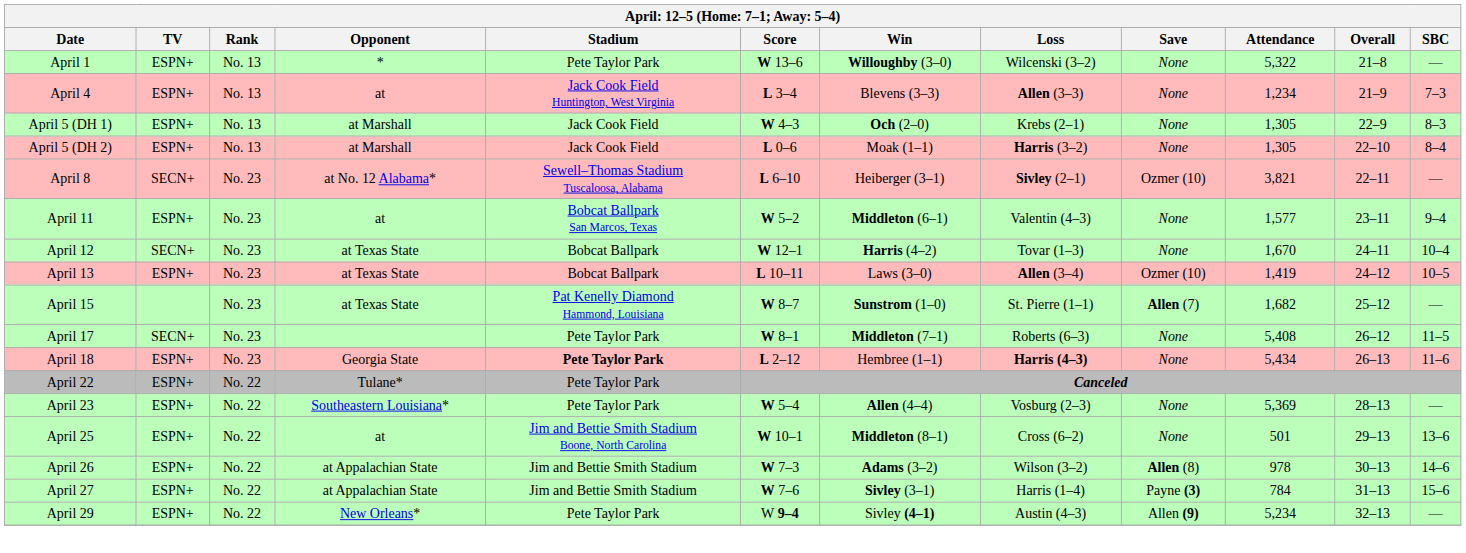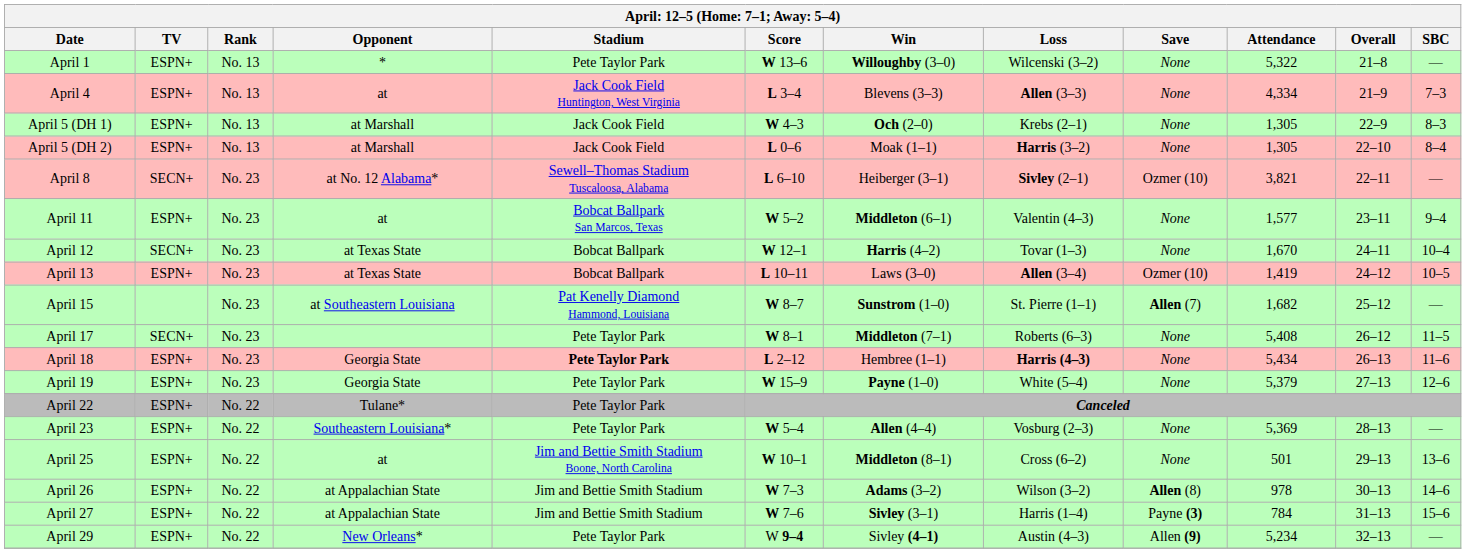 <table class="wikitable collapsible collapsed" style="margin:auto; width:100%; text-align:center; font-size:95%">
 <tr>
 <th colspan=12>April: 12–5 (Home: 7–1; Away: 5–4)</th>
 </tr>
 <tr>
 <th>Date</th>
 <th>TV</th>
 <th>Rank</th>
 <th>Opponent</th>
 <th>Stadium</th>
 <th>Score</th>
 <th>Win</th>
 <th>Loss</th>
 <th>Save</th>
 <th>Attendance</th>
 <th>Overall</th>
 <th>SBC</th>
 </tr>
 <tr style="background:#bfb">
 <td>April 1</td>
 <td>ESPN+</td>
 <td>No. 13</td>
 <td>*</td>
 <td>Pete Taylor Park</td>
 <td><strong>W</strong> 13–6</td>
 <td><strong>Willoughby</strong> (3–0)</td>
 <td>Wilcenski (3–2)</td>
 <td><em>None</em></td>
 <td>5,322</td>
 <td>21–8</td>
 <td>—</td>
 </tr>
 <tr style="background:#fbb">
 <td>April 4</td>
 <td>ESPN+</td>
 <td>No. 13</td>
 <td>at </td>
 <td><a href='#'>Jack Cook Field</a><br><small><a href='#'>Huntington, West Virginia</a></small></td>
 <td><strong>L</strong> 3–4</td>
 <td>Blevens (3–3)</td>
 <td><strong>Allen</strong> (3–3)</td>
 <td><em>None</em></td>
-<td>1,234</td>
+<td>4,334</td>
 <td>21–9</td>
 <td>7–3</td>
 </tr>
 <tr style="background:#bfb">
 <td>April 5 (DH 1)</td>
 <td>ESPN+</td>
 <td>No. 13</td>
 <td>at Marshall</td>
 <td>Jack Cook Field</td>
 <td><strong>W</strong> 4–3</td>
 <td><strong>Och</strong> (2–0)</td>
 <td>Krebs (2–1)</td>
 <td><em>None</em></td>
 <td>1,305</td>
 <td>22–9</td>
 <td>8–3</td>
 </tr>
 <tr style="background:#fbb">
 <td>April 5 (DH 2)</td>
 <td>ESPN+</td>
 <td>No. 13</td>
 <td>at Marshall</td>
 <td>Jack Cook Field</td>
 <td><strong>L</strong> 0–6</td>
 <td>Moak (1–1)</td>
 <td><strong>Harris</strong> (3–2)</td>
 <td><em>None</em></td>
 <td>1,305</td>
 <td>22–10</td>
 <td>8–4</td>
 </tr>
 <tr style="background:#fbb">
 <td>April 8</td>
 <td>SECN+</td>
 <td>No. 23</td>
 <td>at No. 12 <a href='#'>Alabama</a>*</td>
 <td><a href='#'>Sewell–Thomas Stadium</a><br><small><a href='#'>Tuscaloosa, Alabama</a></small></td>
 <td><strong>L</strong> 6–10</td>
 <td>Heiberger (3–1)</td>
 <td><strong>Sivley</strong> (2–1)</td>
 <td>Ozmer (10)</td>
 <td>3,821</td>
 <td>22–11</td>
 <td>—</td>
 </tr>
 <tr style="background:#bfb">
 <td>April 11</td>
 <td>ESPN+</td>
 <td>No. 23</td>
 <td>at </td>
 <td><a href='#'>Bobcat Ballpark</a><br><small><a href='#'>San Marcos, Texas</a></small></td>
 <td><strong>W</strong> 5–2</td>
 <td><strong>Middleton</strong> (6–1)</td>
 <td>Valentin (4–3)</td>
 <td><em>None</em></td>
 <td>1,577</td>
 <td>23–11</td>
 <td>9–4</td>
 </tr>
 <tr style="background:#bfb">
 <td>April 12</td>
 <td>SECN+</td>
 <td>No. 23</td>
 <td>at Texas State</td>
 <td>Bobcat Ballpark</td>
 <td><strong>W</strong> 12–1</td>
 <td><strong>Harris</strong> (4–2)</td>
 <td>Tovar (1–3)</td>
 <td><em>None</em></td>
 <td>1,670</td>
 <td>24–11</td>
 <td>10–4</td>
 </tr>
 <tr style="background:#fbb">
 <td>April 13</td>
 <td>ESPN+</td>
 <td>No. 23</td>
 <td>at Texas State</td>
 <td>Bobcat Ballpark</td>
 <td><strong>L</strong> 10–11</td>
 <td>Laws (3–0)</td>
 <td><strong>Allen</strong> (3–4)</td>
 <td>Ozmer (10)</td>
 <td>1,419</td>
 <td>24–12</td>
 <td>10–5</td>
 </tr>
 <tr style="background:#bfb">
 <td>April 15</td>
 <td></td>
 <td>No. 23</td>
-<td>at Texas State</td>
+<td>at <a href='#'>Southeastern Louisiana</a></td>
 <td><a href='#'>Pat Kenelly Diamond</a><br><small><a href='#'>Hammond, Louisiana</a></small></td>
 <td><strong>W</strong> 8–7</td>
 <td><strong>Sunstrom</strong> (1–0)</td>
 <td>St. Pierre (1–1)</td>
 <td><strong>Allen</strong> (7)</td>
 <td>1,682</td>
 <td>25–12</td>
 <td>—</td>
 </tr>
 <tr style="background:#bfb">
 <td>April 17</td>
 <td>SECN+</td>
 <td>No. 23</td>
 <td></td>
 <td>Pete Taylor Park</td>
 <td><strong>W</strong> 8–1</td>
 <td><strong>Middleton</strong> (7–1)</td>
 <td>Roberts (6–3)</td>
 <td><em>None</em></td>
 <td>5,408</td>
 <td>26–12</td>
 <td>11–5</td>
 </tr>
 <tr style="background:#fbb">
 <td>April 18</td>
 <td>ESPN+</td>
 <td>No. 23</td>
 <td>Georgia State</td>
 <td><strong>Pete Taylor Park</strong></td>
 <td><strong>L</strong> 2–12</td>
 <td>Hembree (1–1)</td>
 <td><strong>Harris (4–3)</strong></td>
 <td><em>None</em></td>
 <td>5,434</td>
 <td>26–13</td>
 <td>11–6</td>
+</tr>
+<tr style="background:#bfb">
+<td>April 19</td>
+<td>ESPN+</td>
+<td>No. 23</td>
+<td>Georgia State</td>
+<td>Pete Taylor Park</td>
+<td><strong>W</strong> 15–9</td>
+<td><strong>Payne</strong> (1–0)</td>
+<td>White (5–4)</td>
+<td><em>None</em></td>
+<td>5,379</td>
+<td>27–13</td>
+<td>12–6</td>
 </tr>
 <tr style="background:#bbb">
 <td>April 22</td>
 <td>ESPN+</td>
 <td>No. 22</td>
 <td>Tulane*</td>
 <td>Pete Taylor Park</td>
 <td colspan=7 style="text-align:center"><strong><em>Canceled</em></strong></td>
 </tr>
 <tr style="background:#bfb">
 <td>April 23</td>
 <td>ESPN+</td>
 <td>No. 22</td>
 <td><a href='#'>Southeastern Louisiana</a>*</td>
 <td>Pete Taylor Park</td>
 <td><strong>W</strong> 5–4</td>
 <td><strong>Allen</strong> (4–4)</td>
 <td>Vosburg (2–3)</td>
 <td><em>None</em></td>
 <td>5,369</td>
 <td>28–13</td>
 <td>—</td>
 </tr>
 <tr style="background:#bfb">
 <td>April 25</td>
 <td>ESPN+</td>
 <td>No. 22</td>
 <td>at </td>
 <td><a href='#'>Jim and Bettie Smith Stadium</a><br><small><a href='#'>Boone, North Carolina</a></small></td>
 <td><strong>W</strong> 10–1</td>
 <td><strong>Middleton</strong> (8–1)</td>
 <td>Cross (6–2)</td>
 <td><em>None</em></td>
 <td>501</td>
 <td>29–13</td>
 <td>13–6</td>
 </tr>
 <tr style="background:#bfb">
 <td>April 26</td>
 <td>ESPN+</td>
 <td>No. 22</td>
 <td>at Appalachian State</td>
 <td>Jim and Bettie Smith Stadium</td>
 <td><strong>W</strong> 7–3</td>
 <td><strong>Adams</strong> (3–2)</td>
 <td>Wilson (3–2)</td>
 <td><strong>Allen</strong> (8)</td>
 <td>978</td>
 <td>30–13</td>
 <td>14–6</td>
 </tr>
 <tr style="background:#bfb">
 <td>April 27</td>
 <td>ESPN+</td>
 <td>No. 22</td>
 <td>at Appalachian State</td>
 <td>Jim and Bettie Smith Stadium</td>
 <td><strong>W</strong> 7–6</td>
 <td><strong>Sivley</strong> (3–1)<strong></td>
 <td>Harris (1–4)</td>
 <td></strong>Payne<strong> (3)</td>
 <td>784</td>
 <td>31–13</td>
 <td>15–6</td>
 </tr>
 <tr style="background:#bfb">
 <td>April 29</td>
 <td>ESPN+</td>
 <td>No. 22</td>
 <td><a href='#'>New Orleans</a>*</td>
 <td>Pete Taylor Park</td>
 <td></strong>W<strong> 9–4</td>
 <td></strong>Sivley<strong> (4–1)</td>
 <td>Austin (4–3)</td>
 <td></strong>Allen<strong> (9)</td>
 <td>5,234</td>
 <td>32–13</td>
 <td>—</td>
 </tr>
 <tr>
 </tr>
 </table>
